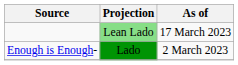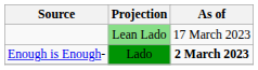 <table class="wikitable" style="text-align:center">
 <tr>
 <th>Source</th>
 <th colspan=2>Projection</th>
 <th>As of</th>
 </tr>
 <tr>
 <td align="left"></td>
 <td colspan=2 bgcolor=#87de87>Lean Lado</td>
 <td>17 March 2023</td>
 </tr>
 <tr>
 <td align="left"><a href='#'>Enough is Enough</a>-<br></td>
 <td colspan=2 bgcolor=#009404>Lado</td>
-<td>2 March 2023</td>
+<td><strong>2 March 2023</strong></td>
 </tr>
 <tr>
 </tr>
 </table>
